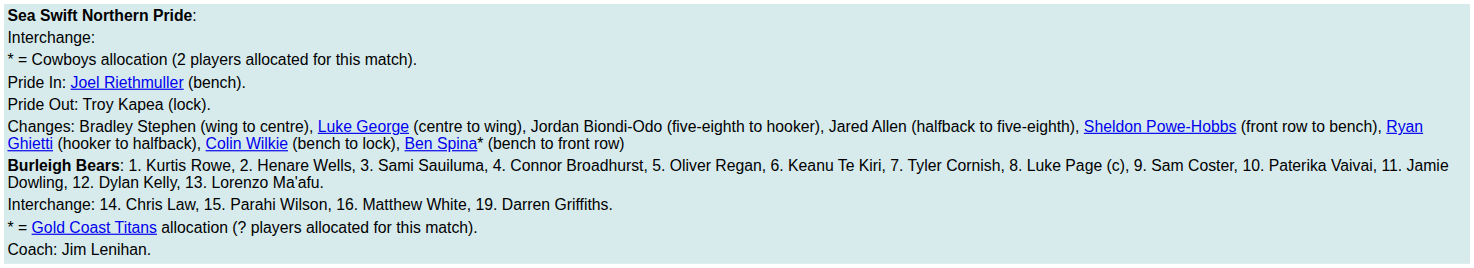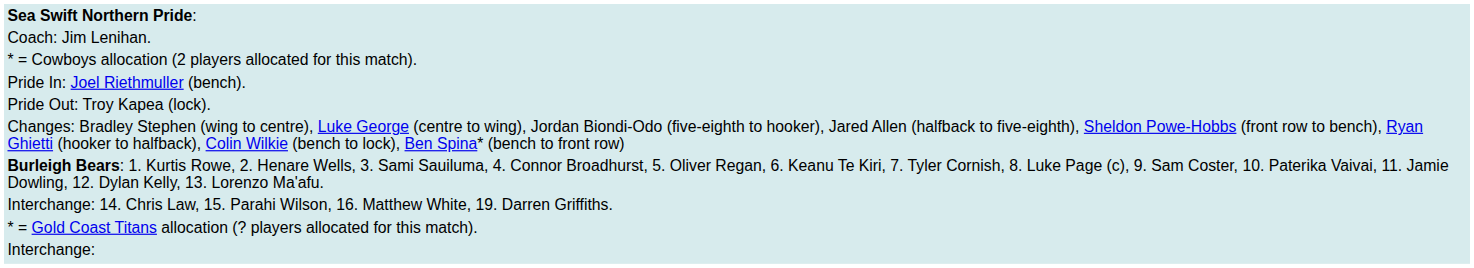 <table style="background:#d7ebed; font-size:85%; width:100%;">
 <tr>
 <td><strong>Sea Swift Northern Pride</strong>:             </td>
 </tr>
 <tr>
-<td>Interchange:    </td>
+<td>Coach: Jim Lenihan.</td>
 </tr>
 <tr>
 <td>* = Cowboys allocation (2 players allocated for this match).</td>
 </tr>
 <tr>
 <td>Pride In: <a href='#'>Joel Riethmuller</a> (bench).</td>
 </tr>
 <tr>
 <td>Pride Out: Troy Kapea (lock).</td>
 </tr>
 <tr>
 <td>Changes: Bradley Stephen (wing to centre), <a href='#'>Luke George</a> (centre to wing), Jordan Biondi-Odo (five-eighth to hooker), Jared Allen (halfback to five-eighth), <a href='#'>Sheldon Powe-Hobbs</a> (front row to bench), <a href='#'>Ryan Ghietti</a> (hooker to halfback), <a href='#'>Colin Wilkie</a> (bench to lock), <a href='#'>Ben Spina</a>* (bench to front row)</td>
 </tr>
 <tr>
 <td><strong>Burleigh Bears</strong>: 1. Kurtis Rowe, 2. Henare Wells, 3. Sami Sauiluma, 4. Connor Broadhurst, 5. Oliver Regan, 6. Keanu Te Kiri, 7. Tyler Cornish, 8. Luke Page (c), 9. Sam Coster, 10. Paterika Vaivai, 11. Jamie Dowling, 12. Dylan Kelly, 13. Lorenzo Ma'afu.</td>
 </tr>
 <tr>
 <td>Interchange: 14. Chris Law, 15. Parahi Wilson, 16. Matthew White, 19. Darren Griffiths.</td>
 </tr>
 <tr>
 <td>* = <a href='#'>Gold Coast Titans</a> allocation (? players allocated for this match).</td>
 </tr>
 <tr>
-<td>Coach: Jim Lenihan.</td>
+<td>Interchange:    </td>
 </tr>
 <tr>
 </tr>
 </table>
